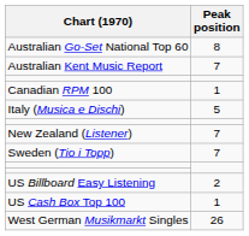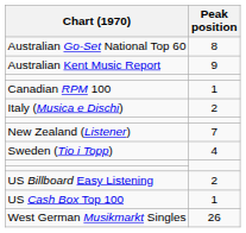 <table class="wikitable sortable">
 <tr>
 <th>Chart (1970)</th>
 <th>Peak<br>position</th>
 </tr>
 <tr>
 <td>Australian <em><a href='#'>Go-Set</a></em> National Top 60</td>
 <td align="center">8</td>
 </tr>
 <tr>
 <td>Australian <a href='#'>Kent Music Report</a></td>
-<td align="center">7</td>
+<td align="center">9</td>
 </tr>
 <tr>
 <td></td>
 </tr>
 <tr>
 <td>Canadian <em><a href='#'>RPM</a></em> 100</td>
 <td align="center">1</td>
 </tr>
 <tr>
 <td>Italy (<em><a href='#'>Musica e Dischi</a></em>)</td>
-<td align=center>5</td>
+<td align=center>2</td>
 </tr>
 <tr>
 <td></td>
 </tr>
 <tr>
 <td>New Zealand (<em><a href='#'>Listener</a></em>)</td>
 <td style="text-align:center;">7</td>
 </tr>
 <tr>
 <td>Sweden (<em><a href='#'>Tio i Topp</a></em>)</td>
-<td style="text-align:center;">7</td>
+<td style="text-align:center;">4</td>
 </tr>
 <tr>
 <td></td>
 </tr>
 <tr>
 <td></td>
 </tr>
 <tr>
 <td>US <em>Billboard</em> <a href='#'>Easy Listening</a></td>
 <td style="text-align:center;">2</td>
 </tr>
 <tr>
 <td>US <a href='#'><em>Cash Box</em> Top 100</a></td>
 <td align="center">1</td>
 </tr>
 <tr>
 <td>West German <em><a href='#'>Musikmarkt</a></em> Singles</td>
 <td align="center">26</td>
 </tr>
 </table>
